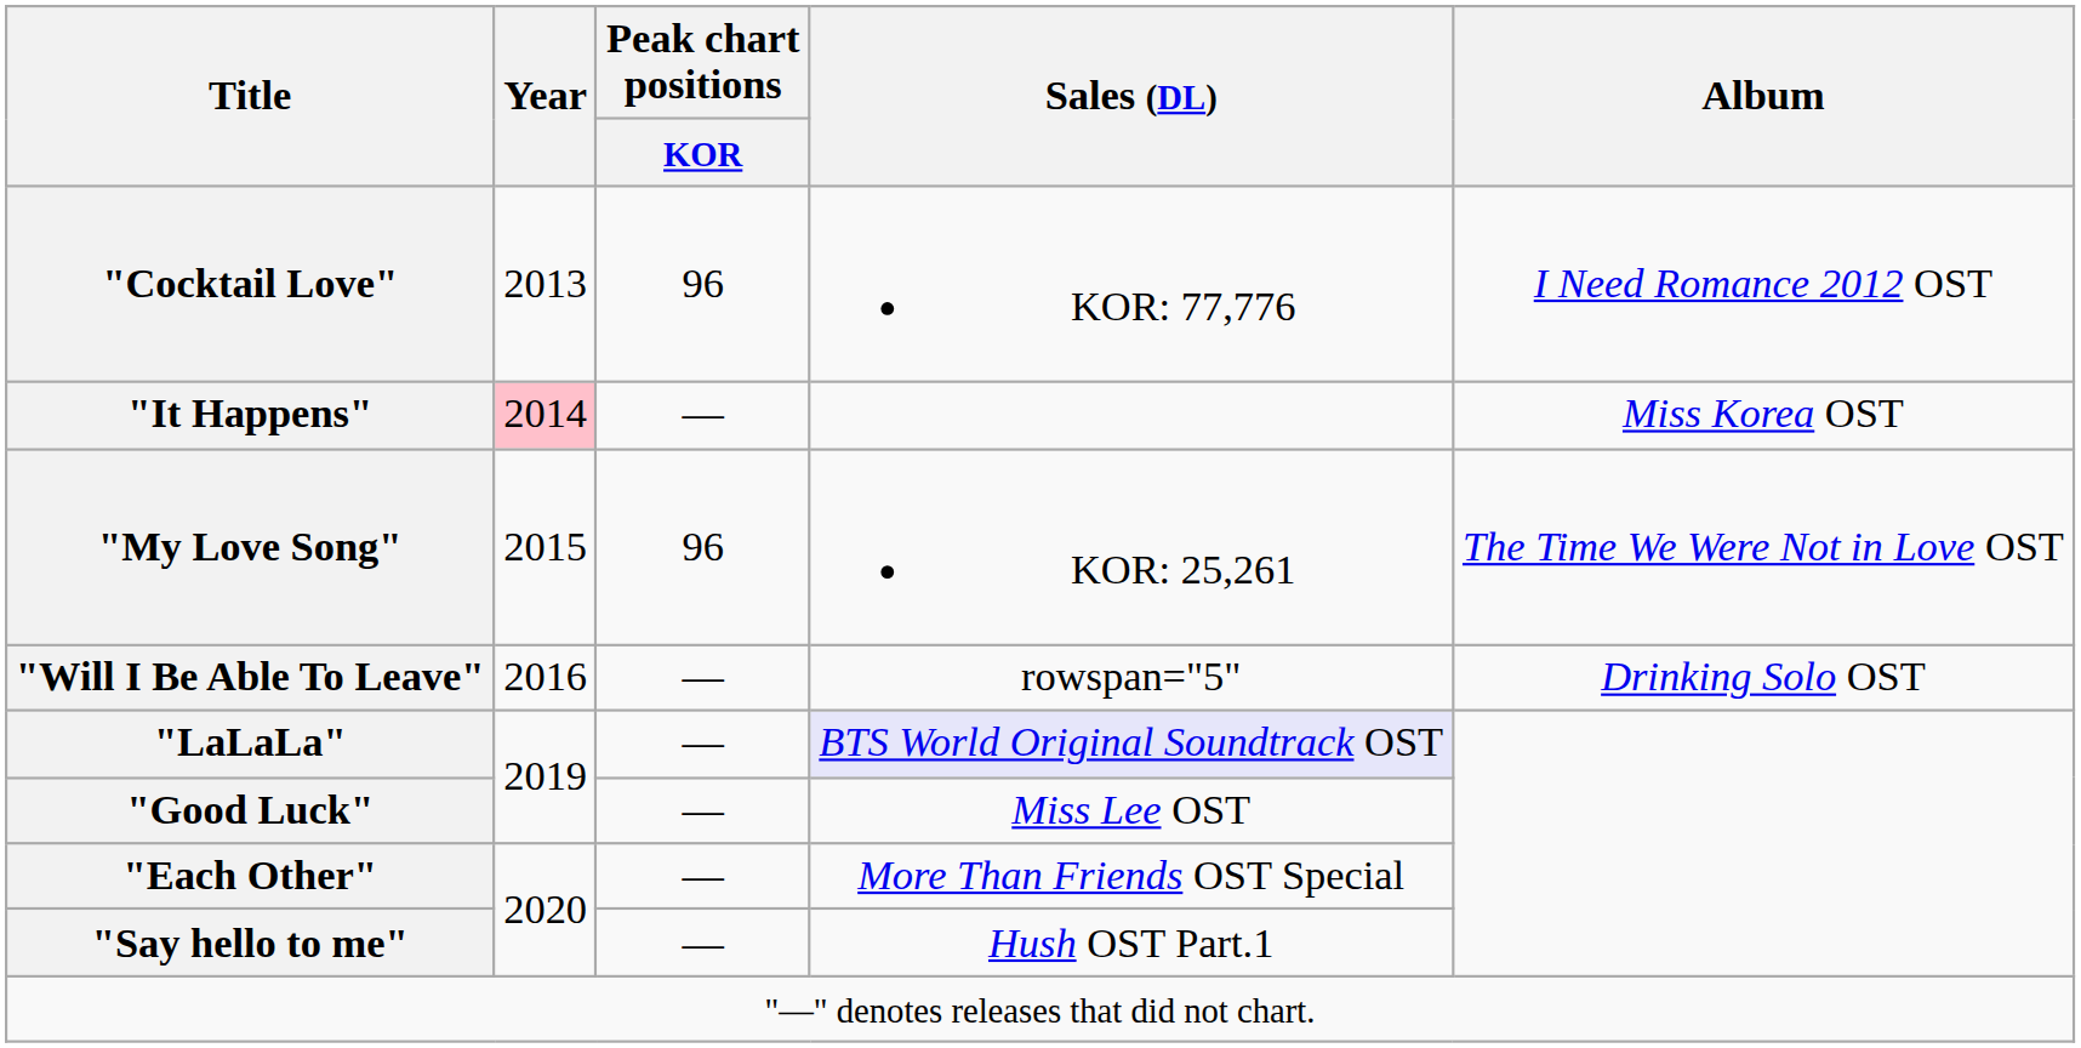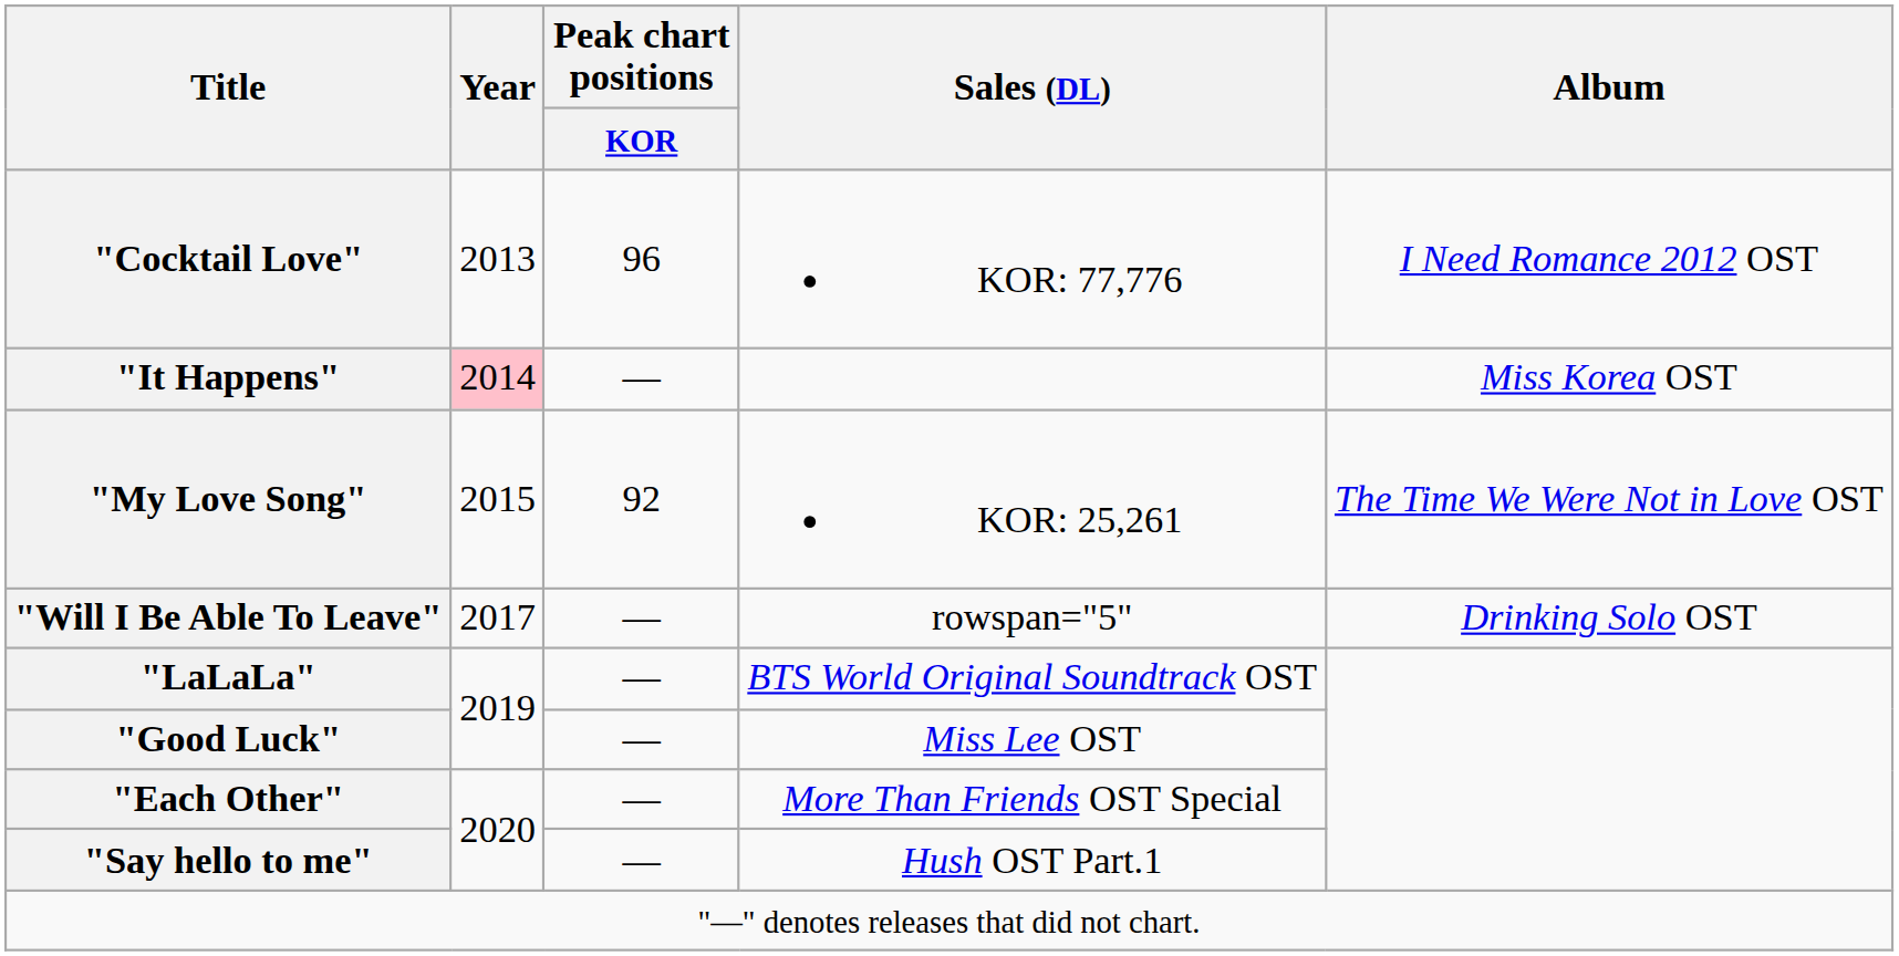 <table class="wikitable plainrowheaders" style="text-align:center;">
 <tr>
 <th scope="col" rowspan="2">Title</th>
 <th scope="col" rowspan="2">Year</th>
 <th scope="col" colspan="1">Peak chart <br> positions</th>
 <th scope="col" rowspan="2">Sales <small>(<a href='#'>DL</a>)</small></th>
 <th scope="col" rowspan="2">Album</th>
 </tr>
 <tr>
 <th><small><a href='#'>KOR</a></small><br></th>
 </tr>
 <tr>
 <th scope="row">"Cocktail Love" <br></th>
 <td>2013</td>
 <td>96</td>
 <td><br><ul><li>KOR: 77,776</li></ul></td>
 <td><em><a href='#'>I Need Romance 2012</a></em> OST</td>
 </tr>
 <tr>
 <th scope="row">"It Happens" </th>
 <td style="background: pink;">2014</td>
 <td>—</td>
 <td></td>
 <td><em><a href='#'>Miss Korea</a></em> OST</td>
 </tr>
 <tr>
 <th scope="row">"My Love Song" </th>
 <td>2015</td>
-<td>96</td>
+<td>92</td>
 <td><br><ul><li>KOR: 25,261</li></ul></td>
 <td><em><a href='#'>The Time We Were Not in Love</a></em> OST</td>
 </tr>
 <tr>
 <th scope="row">"Will I Be Able To Leave" </th>
-<td>2016</td>
+<td>2017</td>
 <td>—</td>
 <td>rowspan="5" </td>
 <td><em><a href='#'>Drinking Solo</a></em> OST</td>
 </tr>
 <tr>
 <th scope="row">"LaLaLa"</th>
 <td rowspan="2">2019</td>
 <td>—</td>
-<td style="background: lavender;"><em><a href='#'>BTS World Original Soundtrack</a></em> OST</td>
+<td><em><a href='#'>BTS World Original Soundtrack</a></em> OST</td>
 </tr>
 <tr>
 <th scope="row">"Good Luck" </th>
 <td>—</td>
 <td><em><a href='#'>Miss Lee</a></em> OST</td>
 </tr>
 <tr>
 <th scope="row">"Each Other" </th>
 <td rowspan="2">2020</td>
 <td>—</td>
 <td><em><a href='#'>More Than Friends</a></em> OST Special</td>
 </tr>
 <tr>
 <th scope="row">"Say hello to me" </th>
 <td>—</td>
 <td><em><a href='#'>Hush</a></em> OST Part.1</td>
 </tr>
 <tr>
 <td colspan="5" align="center"><small>"—" denotes releases that did not chart.</small></td>
 </tr>
 </table>
